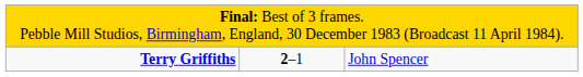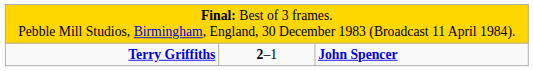 <table class="wikitable" style="font-size: 95%; margin: 1em auto 1em auto;">
 <tr>
 <td colspan="3" align="center" bgcolor="#ffd700"><strong>Final:</strong> Best of 3 frames.<br>Pebble Mill Studios, <a href='#'>Birmingham</a>, England, 30 December 1983 (Broadcast 11 April 1984).</td>
 </tr>
 <tr>
 <td width="230" align="right"><strong><a href='#'>Terry Griffiths</a></strong> <br></td>
 <td width="100" align="center"><strong>2</strong>–1</td>
-<td width="230"><a href='#'>John Spencer</a> <br></td>
+<td width="230"><strong><a href='#'>John Spencer</a> <br></strong></td>
 </tr>
 </table>
